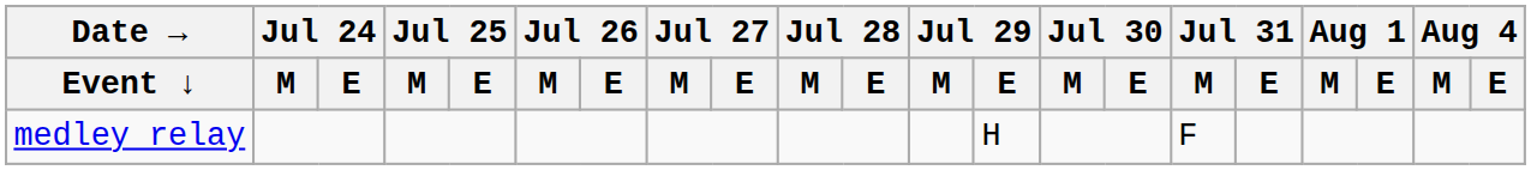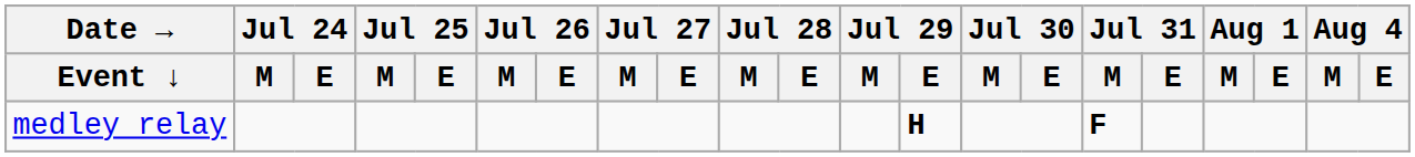 <table class="wikitable olympic-schedule swimming">
 <tr>
 <th>Date →</th>
 <th colspan="2">Jul 24</th>
 <th colspan="2">Jul 25</th>
 <th colspan="2">Jul 26</th>
 <th colspan="2">Jul 27</th>
 <th colspan="2">Jul 28</th>
 <th colspan="2">Jul 29</th>
 <th colspan="2">Jul 30</th>
 <th colspan="2">Jul 31</th>
 <th colspan="2">Aug 1</th>
 <th colspan="2">Aug 4</th>
 </tr>
 <tr>
 <th>Event ↓</th>
 <th>M</th>
 <th>E</th>
 <th>M</th>
 <th>E</th>
 <th>M</th>
 <th>E</th>
 <th>M</th>
 <th>E</th>
 <th>M</th>
 <th>E</th>
 <th>M</th>
 <th>E</th>
 <th>M</th>
 <th>E</th>
 <th>M</th>
 <th>E</th>
 <th>M</th>
 <th>E</th>
 <th>M</th>
 <th>E</th>
 </tr>
 <tr>
 <td class="event"><a href='#'> medley relay</a></td>
 <td colspan="2"></td>
 <td colspan="2"></td>
 <td colspan="2"></td>
 <td colspan="2"></td>
 <td colspan="2"></td>
 <td></td>
-<td class="heats">H</td>
+<td class="heats"><strong>H</strong></td>
 <td colspan="2"></td>
-<td class="final">F</td>
+<td class="final"><strong>F</strong></td>
 <td></td>
 <td colspan="2"></td>
 <td colspan="2"></td>
 </tr>
 </table>
